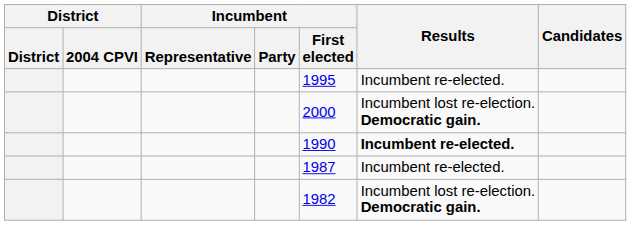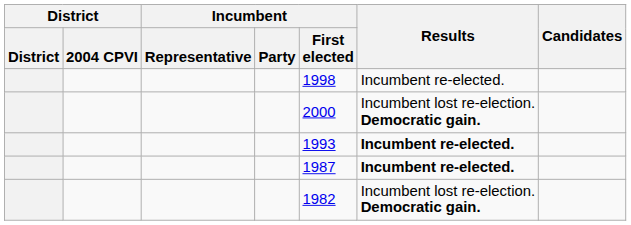 <table class="wikitable sortable">
 <tr>
 <th colspan=2>District</th>
 <th colspan=3>Incumbent</th>
 <th rowspan=2>Results</th>
 <th rowspan=2>Candidates</th>
 </tr>
 <tr valign=bottom>
 <th>District</th>
 <th>2004 CPVI</th>
 <th>Representative</th>
 <th>Party</th>
 <th>First<br>elected</th>
 </tr>
 <tr>
 <th></th>
 <td></td>
 <td></td>
 <td></td>
-<td><a href='#'>1995</a></td>
+<td><a href='#'>1998</a></td>
 <td>Incumbent re-elected.</td>
 <td nowrap></td>
 </tr>
 <tr>
 <th></th>
 <td></td>
 <td></td>
 <td></td>
 <td><a href='#'>2000</a></td>
 <td>Incumbent lost re-election.<br><strong>Democratic gain.</strong></td>
 <td nowrap></td>
 </tr>
 <tr>
 <th></th>
 <td></td>
 <td></td>
 <td></td>
-<td><a href='#'>1990</a></td>
+<td><a href='#'>1993</a></td>
 <td><strong>Incumbent re-elected.</strong></td>
 <td nowrap></td>
 </tr>
 <tr>
 <th></th>
 <td></td>
 <td></td>
 <td></td>
 <td><a href='#'>1987 </a></td>
-<td>Incumbent re-elected.</td>
+<td><strong>Incumbent re-elected.</strong></td>
 <td nowrap></td>
 </tr>
 <tr>
 <th></th>
 <td></td>
 <td></td>
 <td></td>
 <td><a href='#'>1982</a></td>
 <td>Incumbent lost re-election.<br><strong>Democratic gain.</strong></td>
 <td nowrap></td>
 </tr>
 </table>
